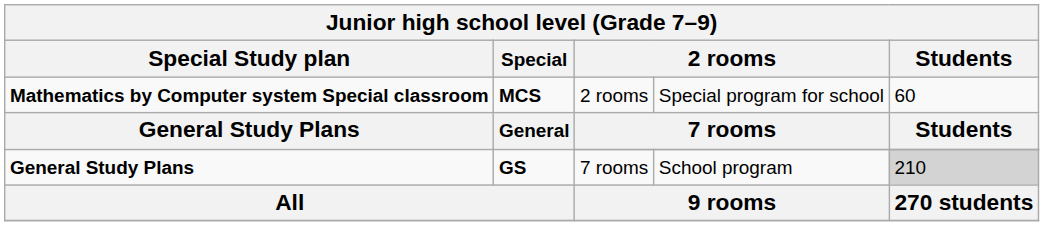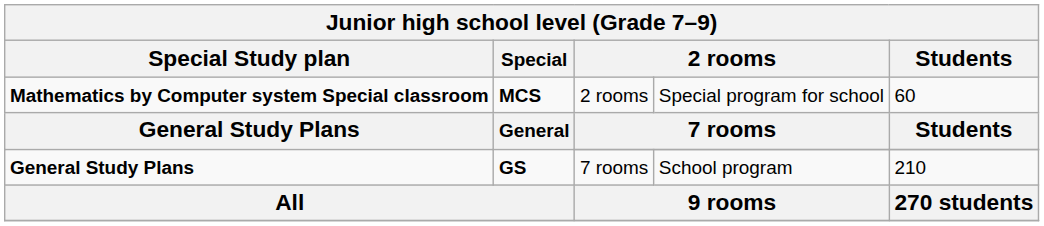 <table class="wikitable">
 <tr>
 <th colspan="5">Junior high school level (Grade 7–9)</th>
 </tr>
 <tr>
 <th>Special Study plan</th>
 <th><small>Special</small></th>
 <th colspan="2">2 rooms</th>
 <th colspan="1">Students</th>
 </tr>
 <tr>
 <td><strong><small> Mathematics by Computer system Special classroom</small></strong></td>
 <td><strong><small>MCS</small></strong></td>
 <td><small>2 rooms</small></td>
 <td><small>Special program for school</small></td>
 <td><small>60 </small></td>
 </tr>
 <tr>
 <th>General Study Plans</th>
 <th><small>General</small></th>
 <th colspan="2">7 rooms</th>
 <th colspan="1">Students</th>
 </tr>
 <tr>
 <td rowspan="2"><strong><small>General Study Plans</small></strong></td>
 <td rowspan="2"><strong><small>GS</small></strong></td>
 </tr>
 <tr>
 <td><small>7 rooms</small></td>
 <td><small>School program</small></td>
-<td style="background: lightgrey;"><small>210 </small></td>
+<td><small>210 </small></td>
 </tr>
 <tr>
 <th colspan="2">All</th>
 <th colspan="2">9 rooms</th>
 <th colspan="1">270 students</th>
 </tr>
 <tr>
 </tr>
 </table>
